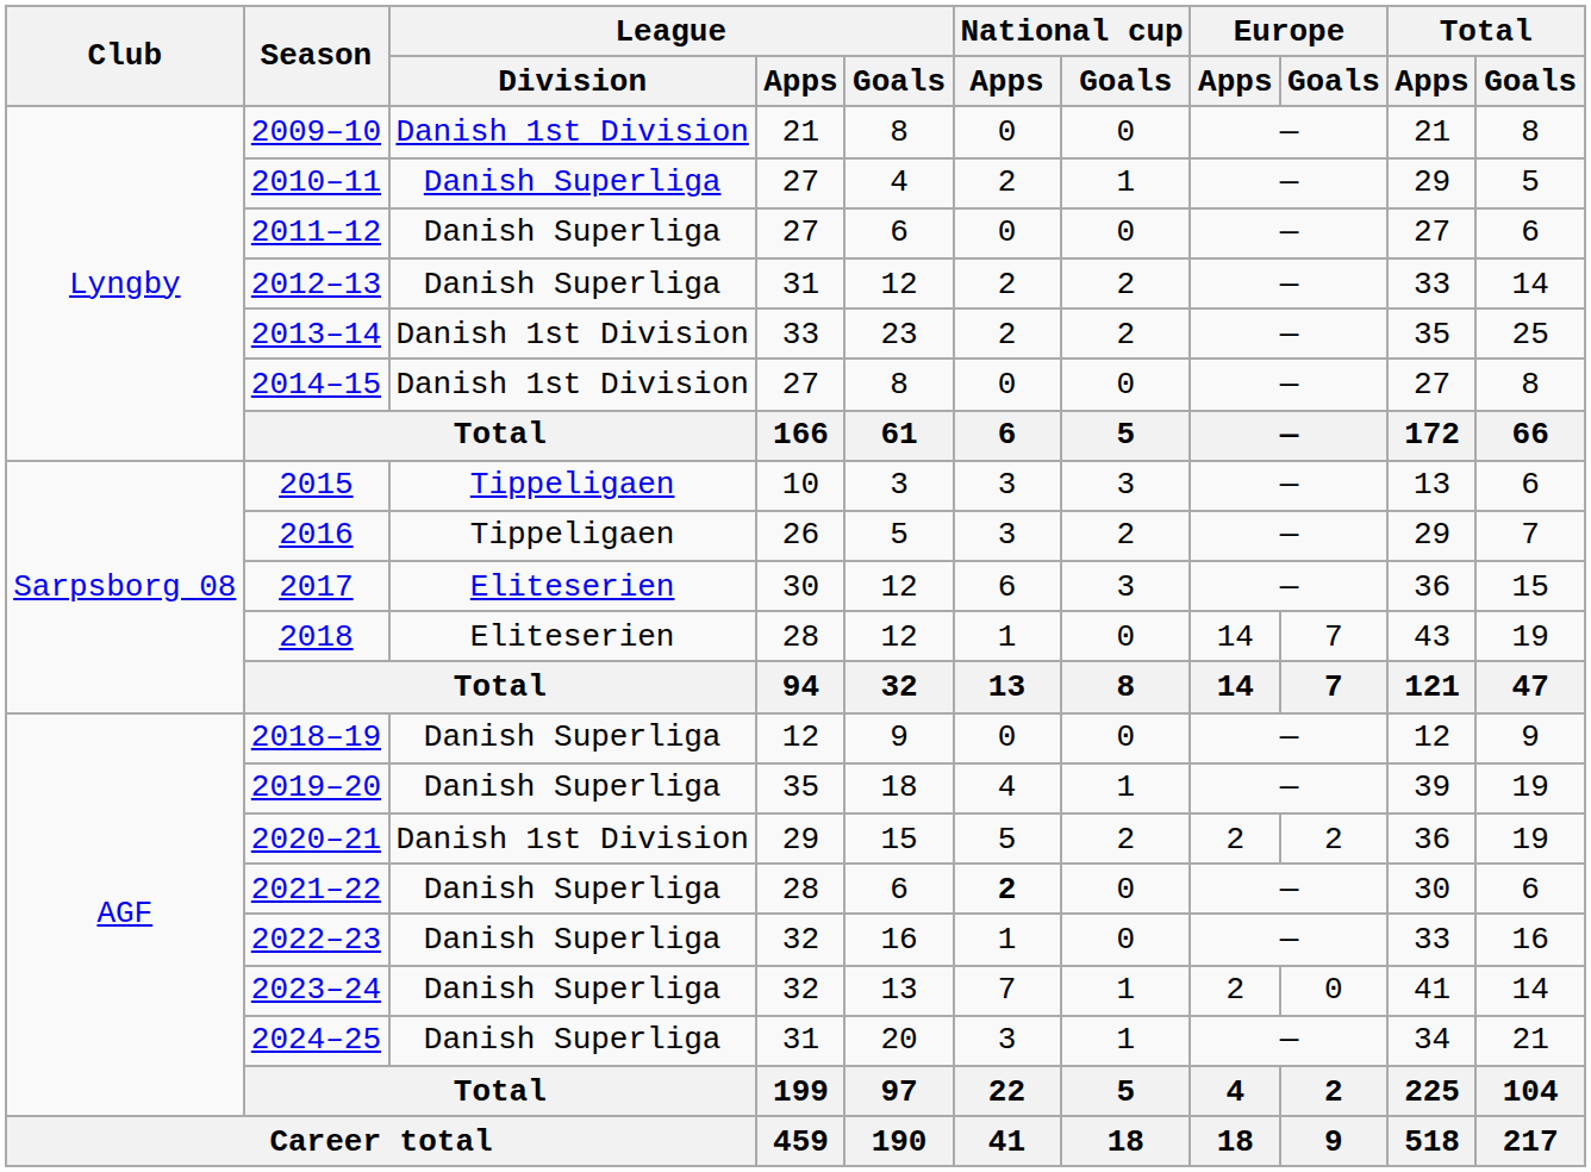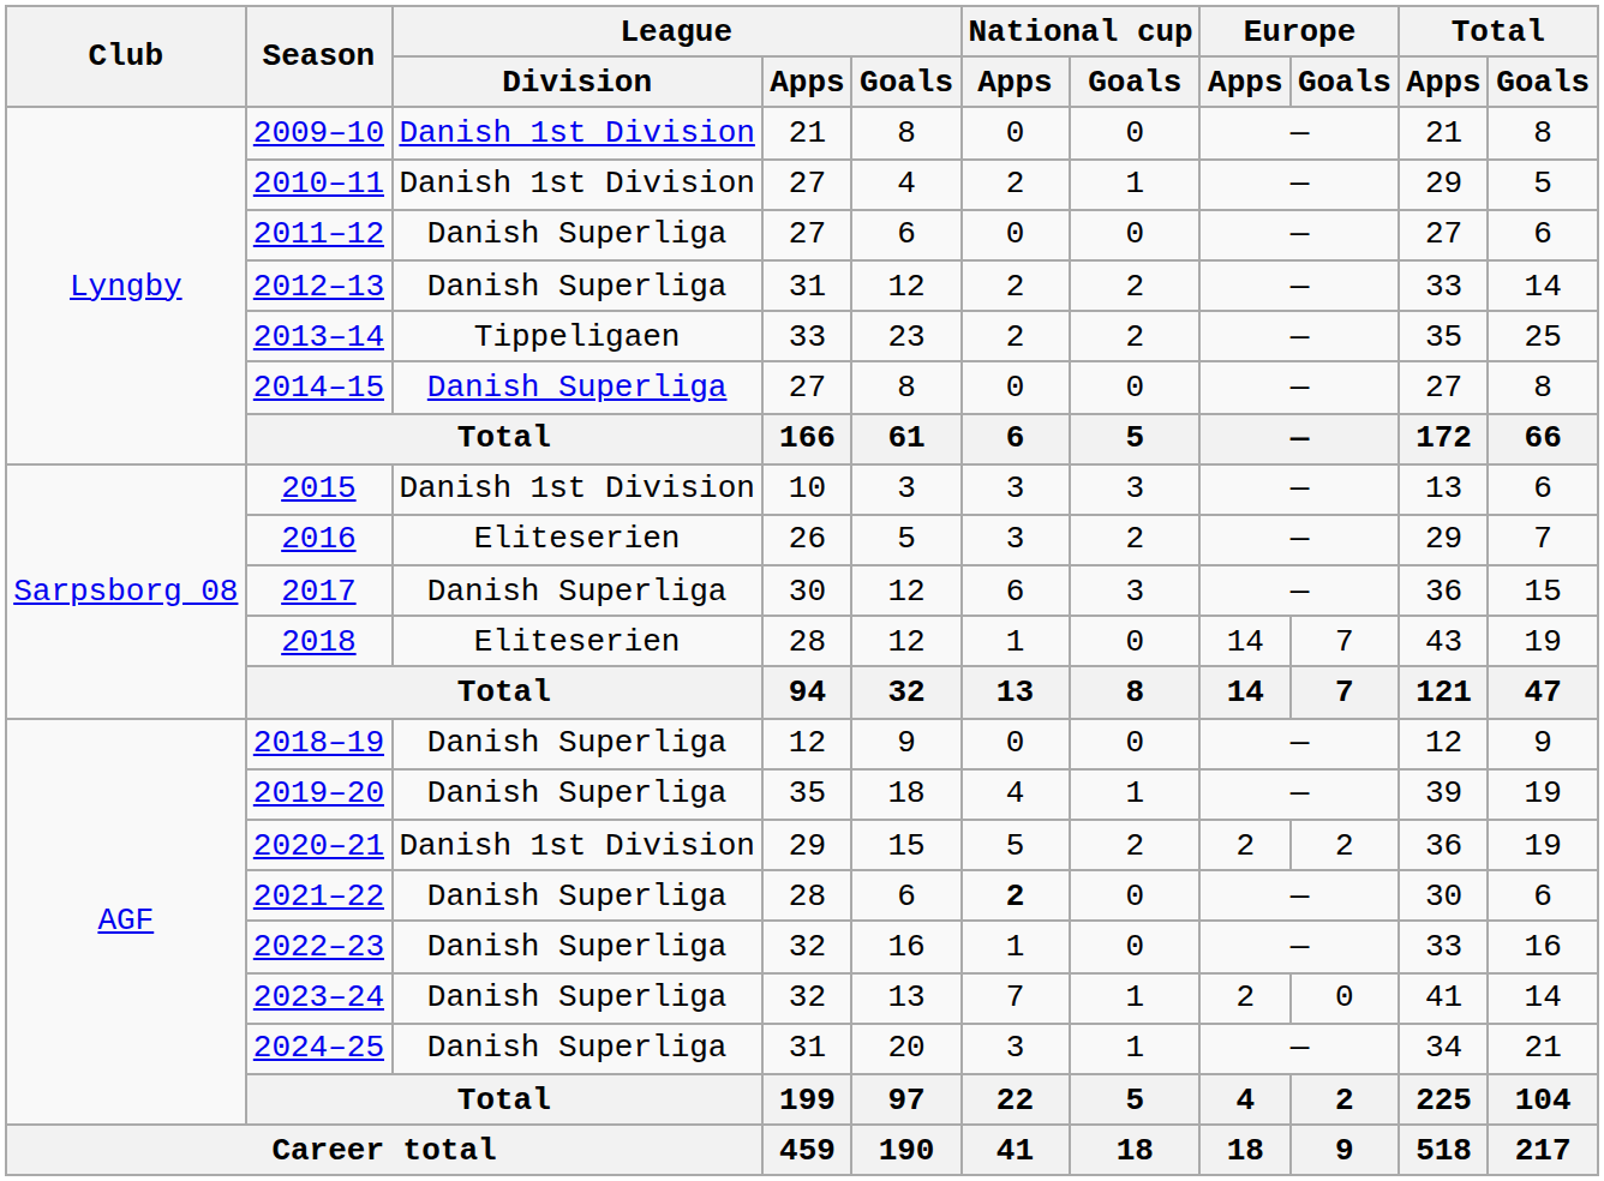 <table class="wikitable" style="text-align: center;">
 <tr>
 <th rowspan="2">Club</th>
 <th rowspan="2">Season</th>
 <th colspan="3">League</th>
 <th colspan="2">National cup</th>
 <th colspan="2">Europe</th>
 <th colspan="2">Total</th>
 </tr>
 <tr>
 <th>Division</th>
 <th>Apps</th>
 <th>Goals</th>
 <th>Apps</th>
 <th>Goals</th>
 <th>Apps</th>
 <th>Goals</th>
 <th>Apps</th>
 <th>Goals</th>
 </tr>
 <tr>
 <td rowspan="7"><a href='#'>Lyngby</a></td>
 <td><a href='#'>2009–10</a></td>
 <td><a href='#'>Danish 1st Division</a></td>
 <td>21</td>
 <td>8</td>
 <td>0</td>
 <td>0</td>
 <td colspan="2">—</td>
 <td>21</td>
 <td>8</td>
 </tr>
 <tr>
 <td><a href='#'>2010–11</a></td>
-<td><a href='#'>Danish Superliga</a></td>
+<td>Danish 1st Division</td>
 <td>27</td>
 <td>4</td>
 <td>2</td>
 <td>1</td>
 <td colspan="2">—</td>
 <td>29</td>
 <td>5</td>
 </tr>
 <tr>
 <td><a href='#'>2011–12</a></td>
 <td>Danish Superliga</td>
 <td>27</td>
 <td>6</td>
 <td>0</td>
 <td>0</td>
 <td colspan="2">—</td>
 <td>27</td>
 <td>6</td>
 </tr>
 <tr>
 <td><a href='#'>2012–13</a></td>
 <td>Danish Superliga</td>
 <td>31</td>
 <td>12</td>
 <td>2</td>
 <td>2</td>
 <td colspan="2">—</td>
 <td>33</td>
 <td>14</td>
 </tr>
 <tr>
 <td><a href='#'>2013–14</a></td>
-<td>Danish 1st Division</td>
+<td>Tippeligaen</td>
 <td>33</td>
 <td>23</td>
 <td>2</td>
 <td>2</td>
 <td colspan="2">—</td>
 <td>35</td>
 <td>25</td>
 </tr>
 <tr>
 <td><a href='#'>2014–15</a></td>
-<td>Danish 1st Division</td>
+<td><a href='#'>Danish Superliga</a></td>
 <td>27</td>
 <td>8</td>
 <td>0</td>
 <td>0</td>
 <td colspan="2">—</td>
 <td>27</td>
 <td>8</td>
 </tr>
 <tr>
 <th colspan="2">Total</th>
 <th>166</th>
 <th>61</th>
 <th>6</th>
 <th>5</th>
 <th colspan="2">—</th>
 <th>172</th>
 <th>66</th>
 </tr>
 <tr>
 <td rowspan="5"><a href='#'>Sarpsborg 08</a></td>
 <td><a href='#'>2015</a></td>
-<td><a href='#'>Tippeligaen</a></td>
+<td>Danish 1st Division</td>
 <td>10</td>
 <td>3</td>
 <td>3</td>
 <td>3</td>
 <td colspan="2">—</td>
 <td>13</td>
 <td>6</td>
 </tr>
 <tr>
 <td><a href='#'>2016</a></td>
-<td>Tippeligaen</td>
+<td>Eliteserien</td>
 <td>26</td>
 <td>5</td>
 <td>3</td>
 <td>2</td>
 <td colspan="2">—</td>
 <td>29</td>
 <td>7</td>
 </tr>
 <tr>
 <td><a href='#'>2017</a></td>
-<td><a href='#'>Eliteserien</a></td>
+<td>Danish Superliga</td>
 <td>30</td>
 <td>12</td>
 <td>6</td>
 <td>3</td>
 <td colspan="2">—</td>
 <td>36</td>
 <td>15</td>
 </tr>
 <tr>
 <td><a href='#'>2018</a></td>
 <td>Eliteserien</td>
 <td>28</td>
 <td>12</td>
 <td>1</td>
 <td>0</td>
 <td>14</td>
 <td>7</td>
 <td>43</td>
 <td>19</td>
 </tr>
 <tr>
 <th colspan="2">Total</th>
 <th>94</th>
 <th>32</th>
 <th>13</th>
 <th>8</th>
 <th>14</th>
 <th>7</th>
 <th>121</th>
 <th>47</th>
 </tr>
 <tr>
 <td rowspan="8”"><a href='#'>AGF</a></td>
 <td><a href='#'>2018–19</a></td>
 <td>Danish Superliga</td>
 <td>12</td>
 <td>9</td>
 <td>0</td>
 <td>0</td>
 <td colspan="2">—</td>
 <td>12</td>
 <td>9</td>
 </tr>
 <tr>
 <td><a href='#'>2019–20</a></td>
 <td>Danish Superliga</td>
 <td>35</td>
 <td>18</td>
 <td>4</td>
 <td>1</td>
 <td colspan="2">—</td>
 <td>39</td>
 <td>19</td>
 </tr>
 <tr>
 <td><a href='#'>2020–21</a></td>
 <td>Danish 1st Division</td>
 <td>29</td>
 <td>15</td>
 <td>5</td>
 <td>2</td>
 <td>2</td>
 <td>2</td>
 <td>36</td>
 <td>19</td>
 </tr>
 <tr>
 <td><a href='#'>2021–22</a></td>
 <td>Danish Superliga</td>
 <td>28</td>
 <td>6</td>
 <td><strong>2</strong></td>
 <td>0</td>
 <td colspan="2">—</td>
 <td>30</td>
 <td>6</td>
 </tr>
 <tr>
 <td><a href='#'>2022–23</a></td>
 <td>Danish Superliga</td>
 <td>32</td>
 <td>16</td>
 <td>1</td>
 <td>0</td>
 <td colspan="2">—</td>
 <td>33</td>
 <td>16</td>
 </tr>
 <tr>
 <td><a href='#'>2023–24</a></td>
 <td>Danish Superliga</td>
 <td>32</td>
 <td>13</td>
 <td>7</td>
 <td>1</td>
 <td>2</td>
 <td>0</td>
 <td>41</td>
 <td>14</td>
 </tr>
 <tr>
 <td><a href='#'>2024–25</a></td>
 <td>Danish Superliga</td>
 <td>31</td>
 <td>20</td>
 <td>3</td>
 <td>1</td>
 <td colspan="2">—</td>
 <td>34</td>
 <td>21</td>
 </tr>
 <tr>
 <th colspan="2">Total</th>
 <th>199</th>
 <th>97</th>
 <th>22</th>
 <th>5</th>
 <th>4</th>
 <th>2</th>
 <th>225</th>
 <th>104</th>
 </tr>
 <tr>
 <th colspan="3">Career total</th>
 <th>459</th>
 <th>190</th>
 <th>41</th>
 <th>18</th>
 <th>18</th>
 <th>9</th>
 <th>518</th>
 <th>217</th>
 </tr>
 </table>
